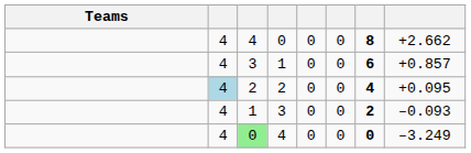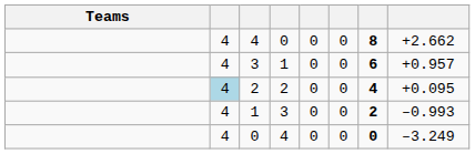 <table class="wikitable" style="text-align:center">
 <tr>
 <th style="width:175px;">Teams</th>
 <th style="width:20px;"></th>
 <th style="width:20px;"></th>
 <th style="width:20px;"></th>
 <th style="width:20px;"></th>
 <th style="width:20px;"></th>
 <th style="width:20px;"></th>
 <th style="width:65px;"></th>
 </tr>
 <tr>
 <td style="text-align:left"></td>
 <td>4</td>
 <td>4</td>
 <td>0</td>
 <td>0</td>
 <td>0</td>
 <td><strong>8</strong></td>
 <td>+2.662</td>
 </tr>
 <tr>
 <td style="text-align:left"></td>
 <td>4</td>
 <td>3</td>
 <td>1</td>
 <td>0</td>
 <td>0</td>
 <td><strong>6</strong></td>
-<td>+0.857</td>
+<td>+0.957</td>
 </tr>
 <tr>
 <td style="text-align:left"></td>
 <td style="background: lightblue;">4</td>
 <td>2</td>
 <td>2</td>
 <td>0</td>
 <td>0</td>
 <td><strong>4</strong></td>
 <td>+0.095</td>
 </tr>
 <tr>
 <td style="text-align:left"></td>
 <td>4</td>
 <td>1</td>
 <td>3</td>
 <td>0</td>
 <td>0</td>
 <td><strong>2</strong></td>
-<td>–0.093</td>
+<td>–0.993</td>
 </tr>
 <tr>
 <td style="text-align:left"></td>
 <td>4</td>
-<td style="background: lightgreen;">0</td>
+<td>0</td>
 <td>4</td>
 <td>0</td>
 <td>0</td>
 <td><strong>0</strong></td>
 <td>–3.249</td>
 </tr>
 </table>
